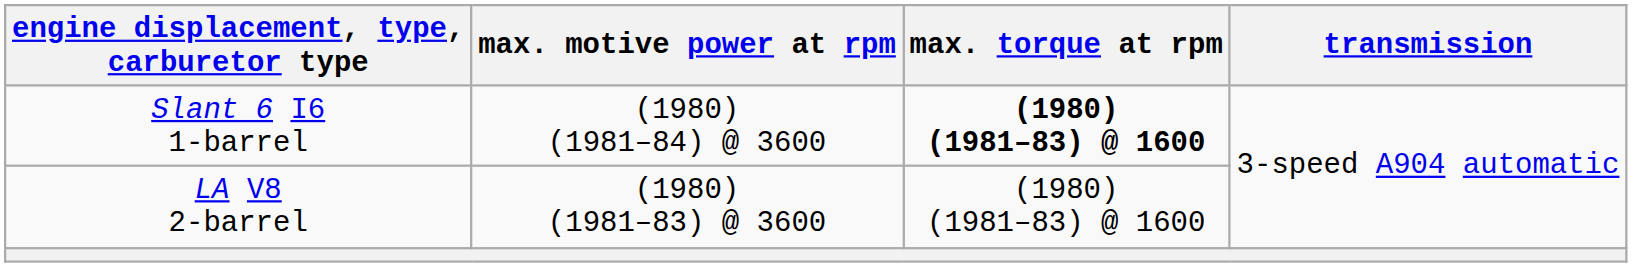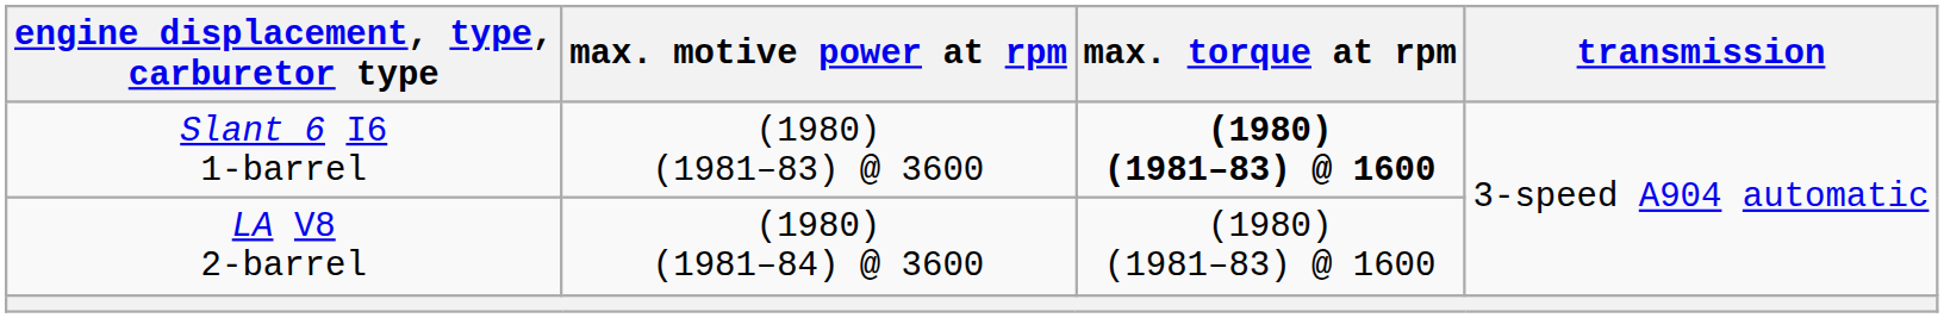 <table class="wikitable" style="text-align:center;">
 <tr>
 <th><a href='#'>engine displacement</a>, <a href='#'>type</a>,<br><a href='#'>carburetor</a> type</th>
 <th>max. motive <a href='#'>power</a> at <a href='#'>rpm</a><br></th>
 <th>max. <a href='#'>torque</a> at rpm</th>
 <th><a href='#'>transmission</a></th>
 </tr>
 <tr>
 <td> <em><a href='#'>Slant 6</a></em> <a href='#'>I6</a><br>1-barrel</td>
-<td> (1980)<br> (1981–84) @ 3600</td>
+<td> (1980)<br> (1981–83) @ 3600</td>
 <td><strong> (1980)<br> (1981–83) @ 1600</strong></td>
 <td rowspan=2>3-speed <a href='#'>A904</a> <a href='#'>automatic</a></td>
 </tr>
 <tr>
 <td> <em><a href='#'>LA</a></em> <a href='#'>V8</a><br>2-barrel</td>
-<td> (1980)<br> (1981–83) @ 3600</td>
+<td> (1980)<br> (1981–84) @ 3600</td>
 <td> (1980)<br> (1981–83) @ 1600</td>
 </tr>
 <tr>
 <th colspan=4></th>
 </tr>
 </table>
